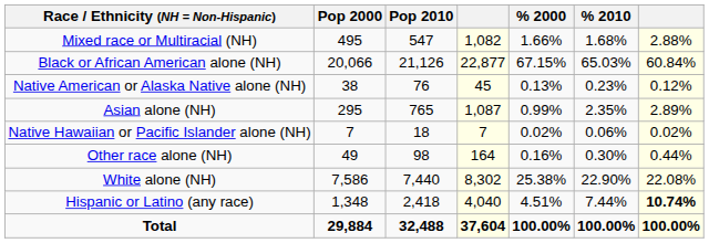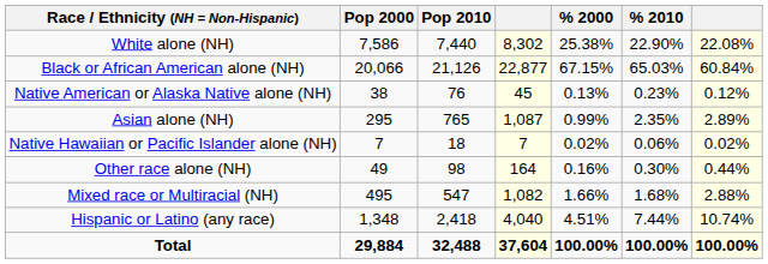 <table class="wikitable" style="text-align:center;">
 <tr>
 <th>Race / Ethnicity <small>(<em>NH = Non-Hispanic</em>)</small></th>
 <th>Pop 2000</th>
 <th>Pop 2010</th>
 <th></th>
 <th>% 2000</th>
 <th>% 2010</th>
 <th></th>
 </tr>
 <tr>
-<td><a href='#'>Mixed race or Multiracial</a> (NH)</td>
-<td>495</td>
-<td>547</td>
-<td style='background: #ffffe6;'>1,082</td>
-<td>1.66%</td>
-<td>1.68%</td>
-<td style='background: #ffffe6;'>2.88%</td>
+<td><a href='#'>White</a> alone (NH)</td>
+<td>7,586</td>
+<td>7,440</td>
+<td style='background: #ffffe6;'>8,302</td>
+<td>25.38%</td>
+<td>22.90%</td>
+<td style='background: #ffffe6;'>22.08%</td>
 </tr>
 <tr>
 <td><a href='#'>Black or African American</a> alone (NH)</td>
 <td>20,066</td>
 <td>21,126</td>
 <td style='background: #ffffe6;'>22,877</td>
 <td>67.15%</td>
 <td>65.03%</td>
 <td style='background: #ffffe6;'>60.84%</td>
 </tr>
 <tr>
 <td><a href='#'>Native American</a> or <a href='#'>Alaska Native</a> alone (NH)</td>
 <td>38</td>
 <td>76</td>
 <td style='background: #ffffe6;'>45</td>
 <td>0.13%</td>
 <td>0.23%</td>
 <td style='background: #ffffe6;'>0.12%</td>
 </tr>
 <tr>
 <td><a href='#'>Asian</a> alone (NH)</td>
 <td>295</td>
 <td>765</td>
 <td style='background: #ffffe6;'>1,087</td>
 <td>0.99%</td>
 <td>2.35%</td>
 <td style='background: #ffffe6;'>2.89%</td>
 </tr>
 <tr>
 <td><a href='#'>Native Hawaiian</a> or <a href='#'>Pacific Islander</a> alone (NH)</td>
 <td>7</td>
 <td>18</td>
 <td style='background: #ffffe6;'>7</td>
 <td>0.02%</td>
 <td>0.06%</td>
 <td style='background: #ffffe6;'>0.02%</td>
 </tr>
 <tr>
 <td><a href='#'>Other race</a> alone (NH)</td>
 <td>49</td>
 <td>98</td>
 <td style='background: #ffffe6;'>164</td>
 <td>0.16%</td>
 <td>0.30%</td>
 <td style='background: #ffffe6;'>0.44%</td>
 </tr>
 <tr>
-<td><a href='#'>White</a> alone (NH)</td>
-<td>7,586</td>
-<td>7,440</td>
-<td style='background: #ffffe6;'>8,302</td>
-<td>25.38%</td>
-<td>22.90%</td>
-<td style='background: #ffffe6;'>22.08%</td>
+<td><a href='#'>Mixed race or Multiracial</a> (NH)</td>
+<td>495</td>
+<td>547</td>
+<td style='background: #ffffe6;'>1,082</td>
+<td>1.66%</td>
+<td>1.68%</td>
+<td style='background: #ffffe6;'>2.88%</td>
 </tr>
 <tr>
 <td><a href='#'>Hispanic or Latino</a> (any race)</td>
 <td>1,348</td>
 <td>2,418</td>
 <td style='background: #ffffe6;'>4,040</td>
 <td>4.51%</td>
 <td>7.44%</td>
-<td style='background: #ffffe6;'><strong>10.74%</strong></td>
+<td style='background: #ffffe6;'>10.74%</td>
 </tr>
 <tr>
 <td><strong>Total</strong></td>
 <td><strong>29,884</strong></td>
 <td><strong>32,488</strong></td>
 <td style='background: #ffffe6;'><strong>37,604</strong></td>
 <td><strong>100.00%</strong></td>
 <td><strong>100.00%</strong></td>
 <td style='background: #ffffe6;'><strong>100.00%</strong></td>
 </tr>
 </table>
